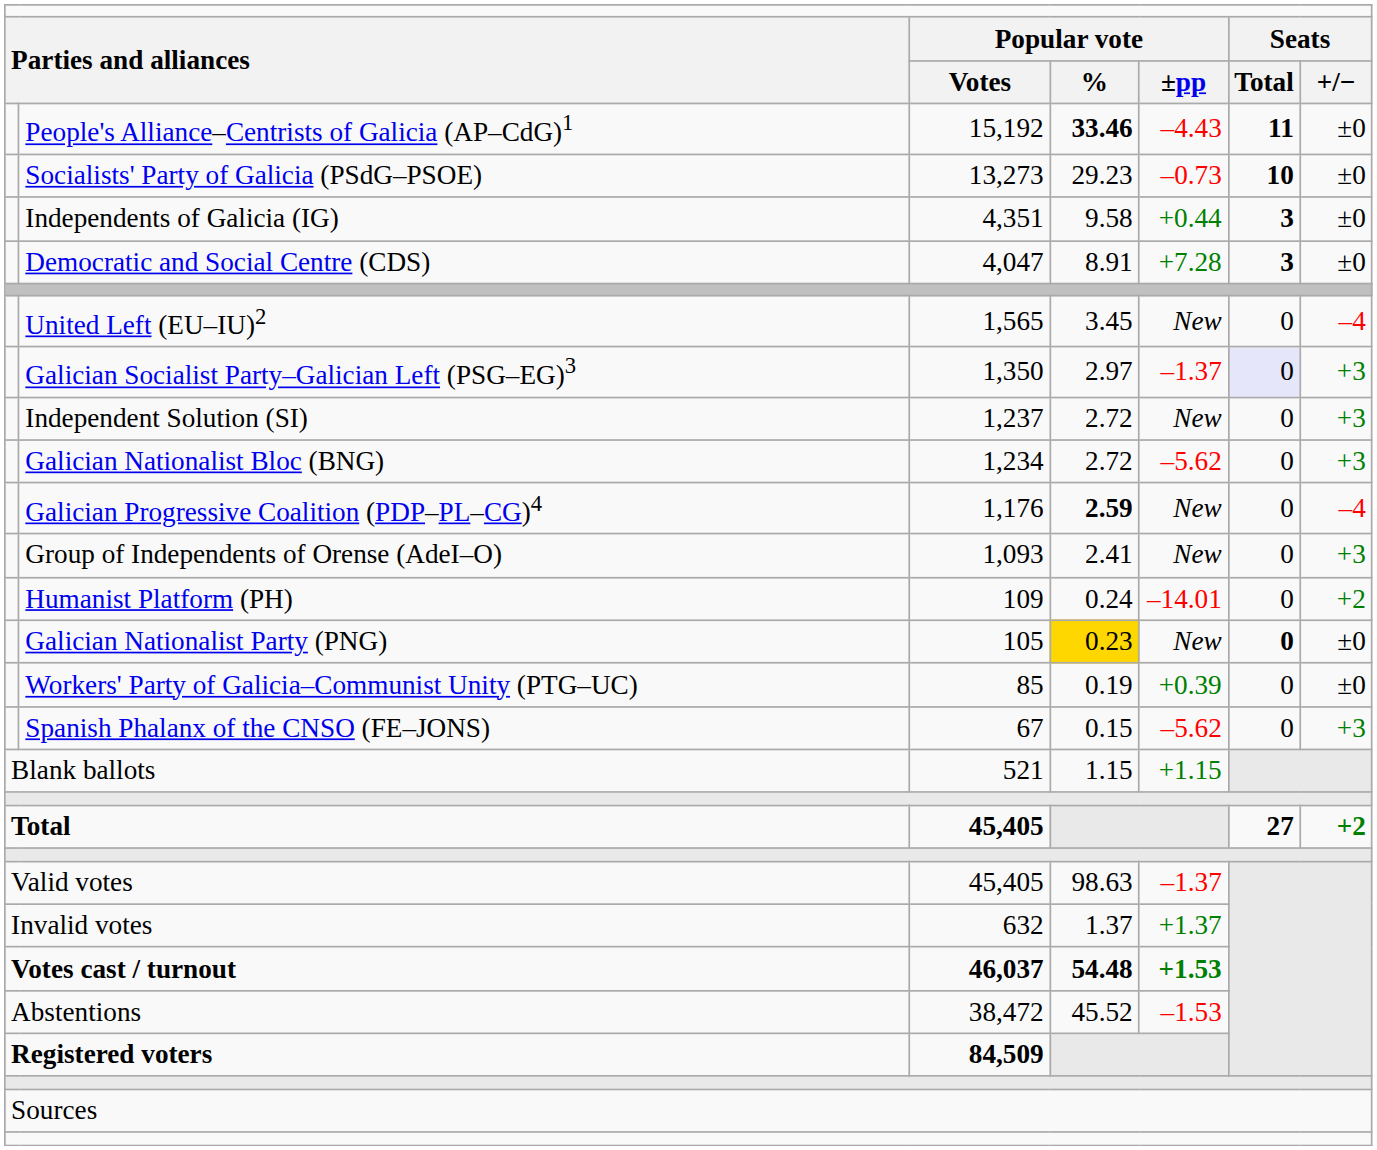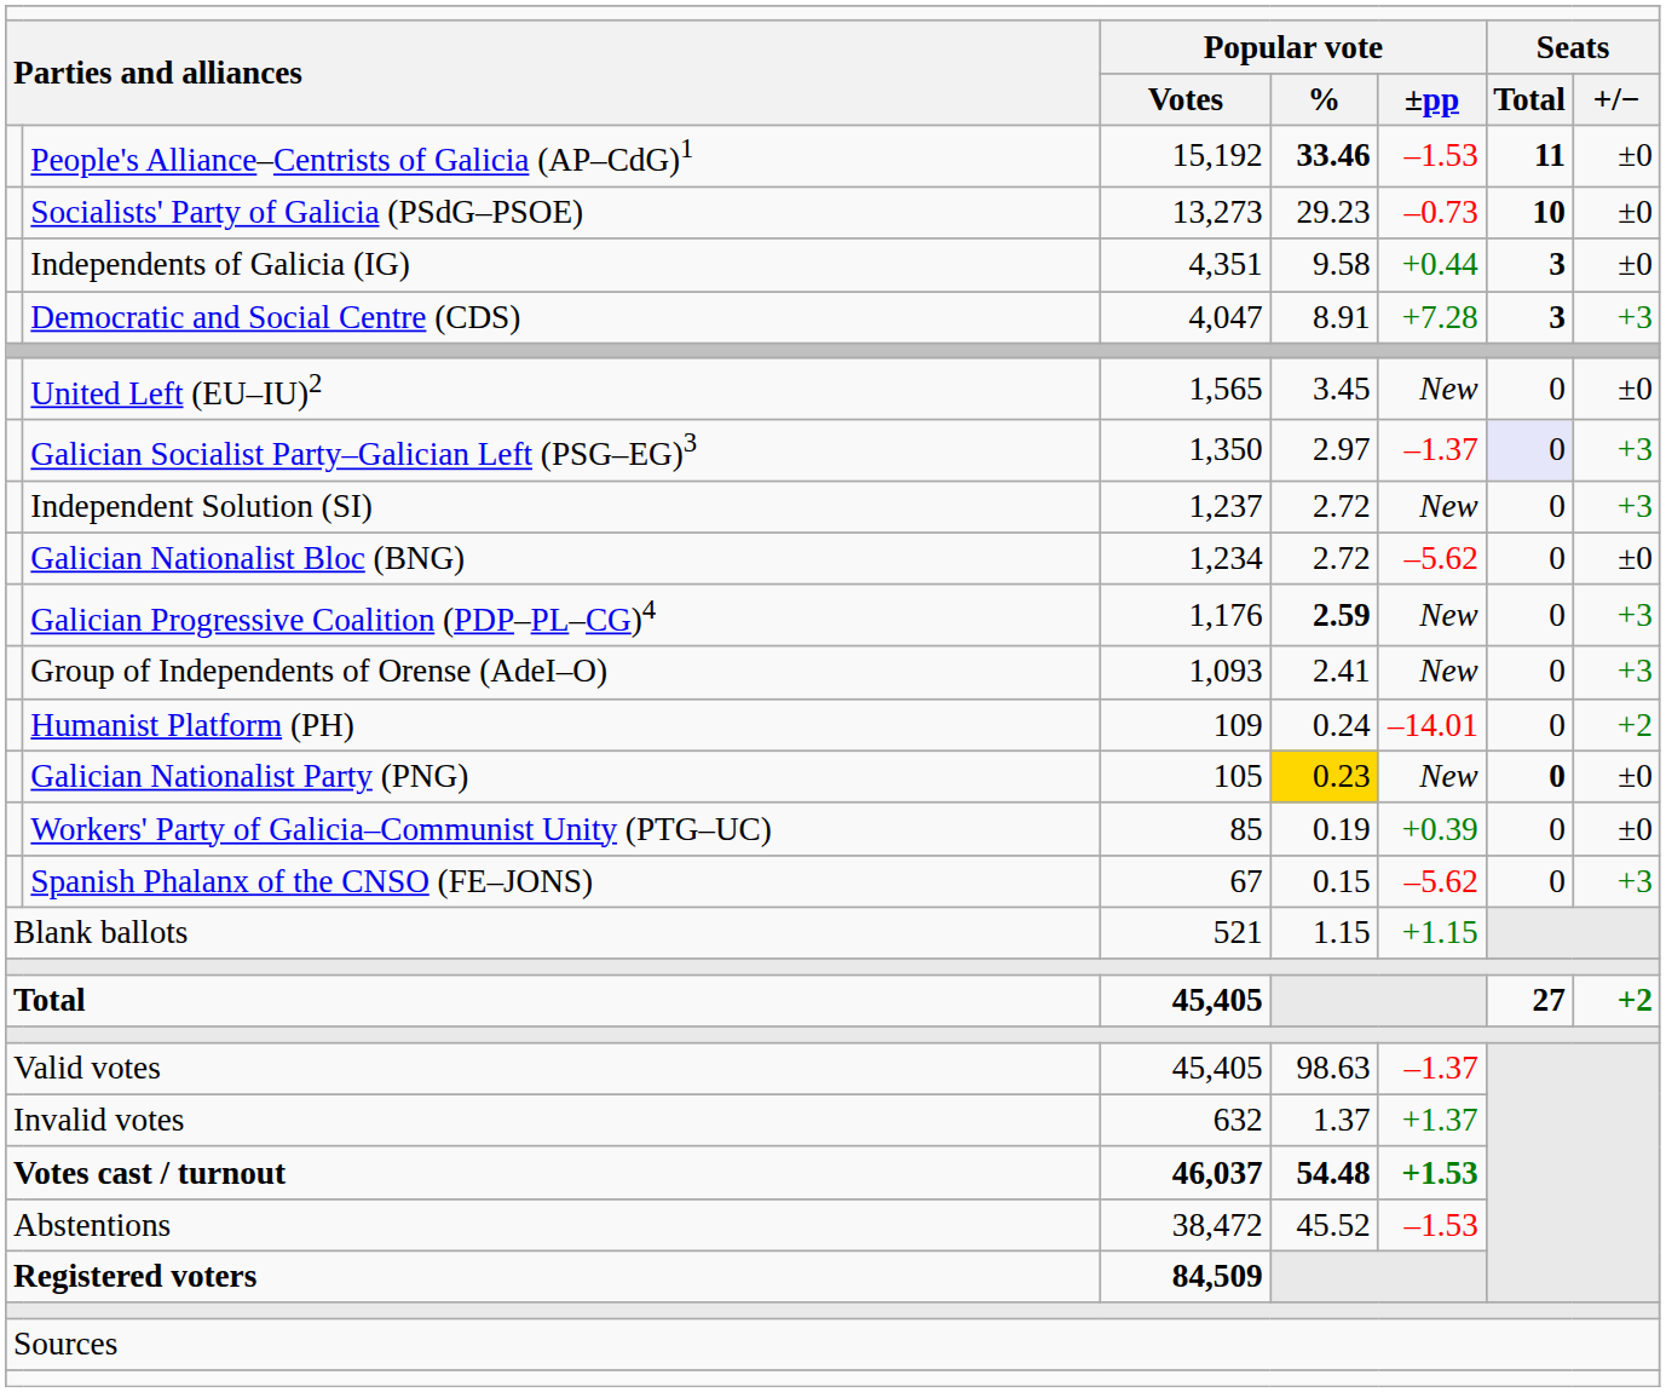 <table class="wikitable" style="text-align:right;">
 <tr>
 <td colspan="7"></td>
 </tr>
 <tr>
 <th style="text-align:left;" rowspan="2" colspan="2" width="525">Parties and alliances</th>
 <th colspan="3">Popular vote</th>
 <th colspan="2">Seats</th>
 </tr>
 <tr>
 <th width="75">Votes</th>
 <th width="45">%</th>
 <th width="45">±<a href='#'>pp</a></th>
 <th width="35">Total</th>
 <th width="35">+/−</th>
 </tr>
 <tr>
 <td width="1" style="color:inherit;background:"></td>
 <td align="left"><a href='#'>People's Alliance</a>–<a href='#'>Centrists of Galicia</a> (AP–CdG)<sup>1</sup></td>
 <td>15,192</td>
 <td><strong>33.46</strong></td>
-<td style="color:red;">–4.43</td>
+<td style="color:red;">–1.53</td>
 <td><strong>11</strong></td>
 <td>±0</td>
 </tr>
 <tr>
 <td style="color:inherit;background:"></td>
 <td align="left"><a href='#'>Socialists' Party of Galicia</a> (PSdG–PSOE)</td>
 <td>13,273</td>
 <td>29.23</td>
 <td style="color:red;">–0.73</td>
 <td><strong>10</strong></td>
 <td>±0</td>
 </tr>
 <tr>
 <td style="color:inherit;background:"></td>
 <td align="left">Independents of Galicia (IG)</td>
 <td>4,351</td>
 <td>9.58</td>
 <td style="color:green;">+0.44</td>
 <td><strong>3</strong></td>
 <td>±0</td>
 </tr>
 <tr>
 <td style="color:inherit;background:"></td>
 <td align="left"><a href='#'>Democratic and Social Centre</a> (CDS)</td>
 <td>4,047</td>
 <td>8.91</td>
 <td style="color:green;">+7.28</td>
 <td><strong>3</strong></td>
-<td>±0</td>
+<td style="color:green;">+3</td>
 </tr>
 <tr>
 <td colspan="7" style="color:inherit;background:#C0C0C0"></td>
 </tr>
 <tr>
 <td style="color:inherit;background:"></td>
 <td align="left"><a href='#'>United Left</a> (EU–IU)<sup>2</sup></td>
 <td>1,565</td>
 <td>3.45</td>
 <td><em>New</em></td>
 <td>0</td>
-<td style="color:red;">–4</td>
+<td>±0</td>
 </tr>
 <tr>
 <td style="color:inherit;background:"></td>
 <td align="left"><a href='#'>Galician Socialist Party–Galician Left</a> (PSG–EG)<sup>3</sup></td>
 <td>1,350</td>
 <td>2.97</td>
 <td style="color:red;">–1.37</td>
 <td style="background: lavender;">0</td>
 <td style="color:green;">+3</td>
 </tr>
 <tr>
 <td style="color:inherit;background:"></td>
 <td align="left">Independent Solution (SI)</td>
 <td>1,237</td>
 <td>2.72</td>
 <td><em>New</em></td>
 <td>0</td>
 <td style="color:green;">+3</td>
 </tr>
 <tr>
 <td style="color:inherit;background:"></td>
 <td align="left"><a href='#'>Galician Nationalist Bloc</a> (BNG)</td>
 <td>1,234</td>
 <td>2.72</td>
 <td style="color:red;">–5.62</td>
 <td>0</td>
-<td style="color:green;">+3</td>
+<td>±0</td>
 </tr>
 <tr>
 <td style="color:inherit;background:"></td>
 <td align="left"><a href='#'>Galician Progressive Coalition</a> (<a href='#'>PDP</a>–<a href='#'>PL</a>–<a href='#'>CG</a>)<sup>4</sup></td>
 <td>1,176</td>
 <td><strong>2.59</strong></td>
 <td><em>New</em></td>
 <td>0</td>
-<td style="color:red;">–4</td>
+<td style="color:green;">+3</td>
 </tr>
 <tr>
 <td style="color:inherit;background:"></td>
 <td align="left">Group of Independents of Orense (AdeI–O)</td>
 <td>1,093</td>
 <td>2.41</td>
 <td><em>New</em></td>
 <td>0</td>
 <td style="color:green;">+3</td>
 </tr>
 <tr>
 <td style="color:inherit;background:"></td>
 <td align="left"><a href='#'>Humanist Platform</a> (PH)</td>
 <td>109</td>
 <td>0.24</td>
 <td style="color:red;">–14.01</td>
 <td>0</td>
 <td style="color:green;">+2</td>
 </tr>
 <tr>
 <td style="color:inherit;background:"></td>
 <td align="left"><a href='#'>Galician Nationalist Party</a> (PNG)</td>
 <td>105</td>
 <td style="background: gold;">0.23</td>
 <td><em>New</em></td>
 <td><strong>0</strong></td>
 <td>±0</td>
 </tr>
 <tr>
 <td style="color:inherit;background:"></td>
 <td align="left"><a href='#'>Workers' Party of Galicia–Communist Unity</a> (PTG–UC)</td>
 <td>85</td>
 <td>0.19</td>
 <td style="color:green;">+0.39</td>
 <td>0</td>
 <td>±0</td>
 </tr>
 <tr>
 <td style="color:inherit;background:"></td>
 <td align="left"><a href='#'>Spanish Phalanx of the CNSO</a> (FE–JONS)</td>
 <td>67</td>
 <td>0.15</td>
 <td style="color:red;">–5.62</td>
 <td>0</td>
 <td style="color:green;">+3</td>
 </tr>
 <tr>
 <td align="left" colspan="2">Blank ballots</td>
 <td>521</td>
 <td>1.15</td>
 <td style="color:green;">+1.15</td>
 <td style="color:inherit;background:#E9E9E9" colspan="2"></td>
 </tr>
 <tr>
 <td colspan="7" style="color:inherit;background:#E9E9E9"></td>
 </tr>
 <tr style="font-weight:bold;">
 <td align="left" colspan="2">Total</td>
 <td>45,405</td>
 <td bgcolor="#E9E9E9" colspan="2"></td>
 <td>27</td>
 <td style="color:green;">+2</td>
 </tr>
 <tr>
 <td colspan="7" style="color:inherit;background:#E9E9E9"></td>
 </tr>
 <tr>
 <td align="left" colspan="2">Valid votes</td>
 <td>45,405</td>
 <td>98.63</td>
 <td style="color:red;">–1.37</td>
 <td bgcolor="#E9E9E9" colspan="2" rowspan="5"></td>
 </tr>
 <tr>
 <td align="left" colspan="2">Invalid votes</td>
 <td>632</td>
 <td>1.37</td>
 <td style="color:green;">+1.37</td>
 </tr>
 <tr style="font-weight:bold;">
 <td align="left" colspan="2">Votes cast / turnout</td>
 <td>46,037</td>
 <td>54.48</td>
 <td style="color:green;">+1.53</td>
 </tr>
 <tr>
 <td align="left" colspan="2">Abstentions</td>
 <td>38,472</td>
 <td>45.52</td>
 <td style="color:red;">–1.53</td>
 </tr>
 <tr style="font-weight:bold;">
 <td align="left" colspan="2">Registered voters</td>
 <td>84,509</td>
 <td bgcolor="#E9E9E9" colspan="2"></td>
 </tr>
 <tr>
 <td colspan="7" style="color:inherit;background:#E9E9E9"></td>
 </tr>
 <tr>
 <td align="left" colspan="7">Sources</td>
 </tr>
 <tr>
 <td colspan="7" style="text-align:left; max-width:790px;"></td>
 </tr>
 </table>
